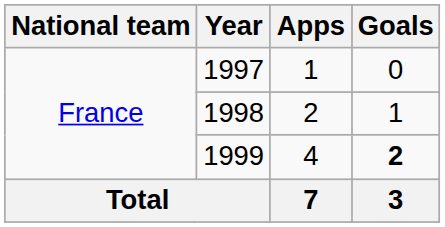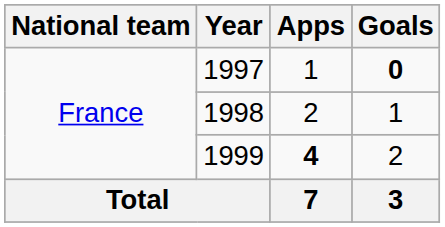 <table class=wikitable style=text-align:center>
 <tr>
 <th>National team</th>
 <th>Year</th>
 <th>Apps</th>
 <th>Goals</th>
 </tr>
 <tr>
 <td rowspan="3"><a href='#'>France</a></td>
 <td>1997</td>
 <td>1</td>
-<td>0</td>
+<td><strong>0</strong></td>
 </tr>
 <tr>
 <td>1998</td>
 <td>2</td>
 <td>1</td>
 </tr>
 <tr>
 <td>1999</td>
-<td>4</td>
-<td><strong>2</strong></td>
+<td><strong>4</strong></td>
+<td>2</td>
 </tr>
 <tr>
 <th colspan="2">Total</th>
 <th>7</th>
 <th>3</th>
 </tr>
 </table>
